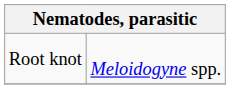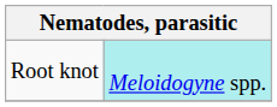 <table class="wikitable" style="clear">
 <tr>
 <th colspan=2><strong>Nematodes, parasitic</strong></th>
 </tr>
 <tr>
 <td>Root knot</td>
-<td><br><em><a href='#'>Meloidogyne</a></em> spp.</td>
+<td style="background: paleturquoise;"><br><em><a href='#'>Meloidogyne</a></em> spp.</td>
 </tr>
 <tr>
 </tr>
 </table>
